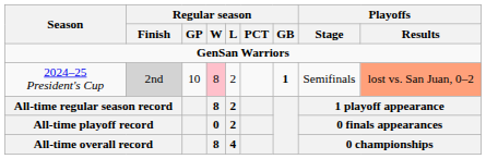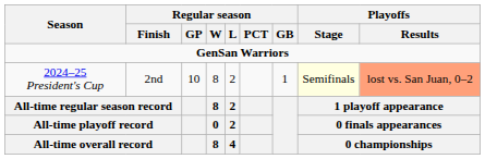 <table class=wikitable style="width:100%; text-align:center">
 <tr>
 <th rowspan="2">Season</th>
 <th colspan="6">Regular season</th>
 <th colspan="2">Playoffs</th>
 </tr>
 <tr>
 <th>Finish</th>
 <th>GP</th>
 <th>W</th>
 <th>L</th>
 <th>PCT</th>
 <th>GB</th>
 <th>Stage</th>
 <th>Results</th>
 </tr>
 <tr>
 <td colspan=10><span><strong>GenSan Warriors</strong></span></td>
 </tr>
 <tr>
 <td><a href='#'>2024–25</a> <br> <em>President's Cup</em></td>
-<td style="background: lightgrey;">2nd</td>
+<td>2nd</td>
 <td>10</td>
-<td style="background: pink;">8</td>
+<td>8</td>
 <td>2</td>
 <td></td>
-<td><strong>1</strong></td>
-<td>Semifinals</td>
+<td>1</td>
+<td style="background: lightyellow;">Semifinals</td>
 <td style="background: lightsalmon;">lost vs. San Juan, 0–2</td>
 </tr>
 <tr>
 <th colspan="2">All-time regular season record</th>
 <th></th>
 <th>8</th>
 <th>2</th>
 <th></th>
 <th rowspan="3"></th>
 <th colspan="2">1 playoff appearance</th>
 </tr>
 <tr>
 <th colspan="2">All-time playoff record</th>
 <th></th>
 <th>0</th>
 <th>2</th>
 <th></th>
 <th colspan="2">0 finals appearances</th>
 </tr>
 <tr>
 <th colspan="2">All-time overall record</th>
 <th></th>
 <th>8</th>
 <th>4</th>
 <th></th>
 <th colspan="2">0 championships</th>
 </tr>
 </table>
